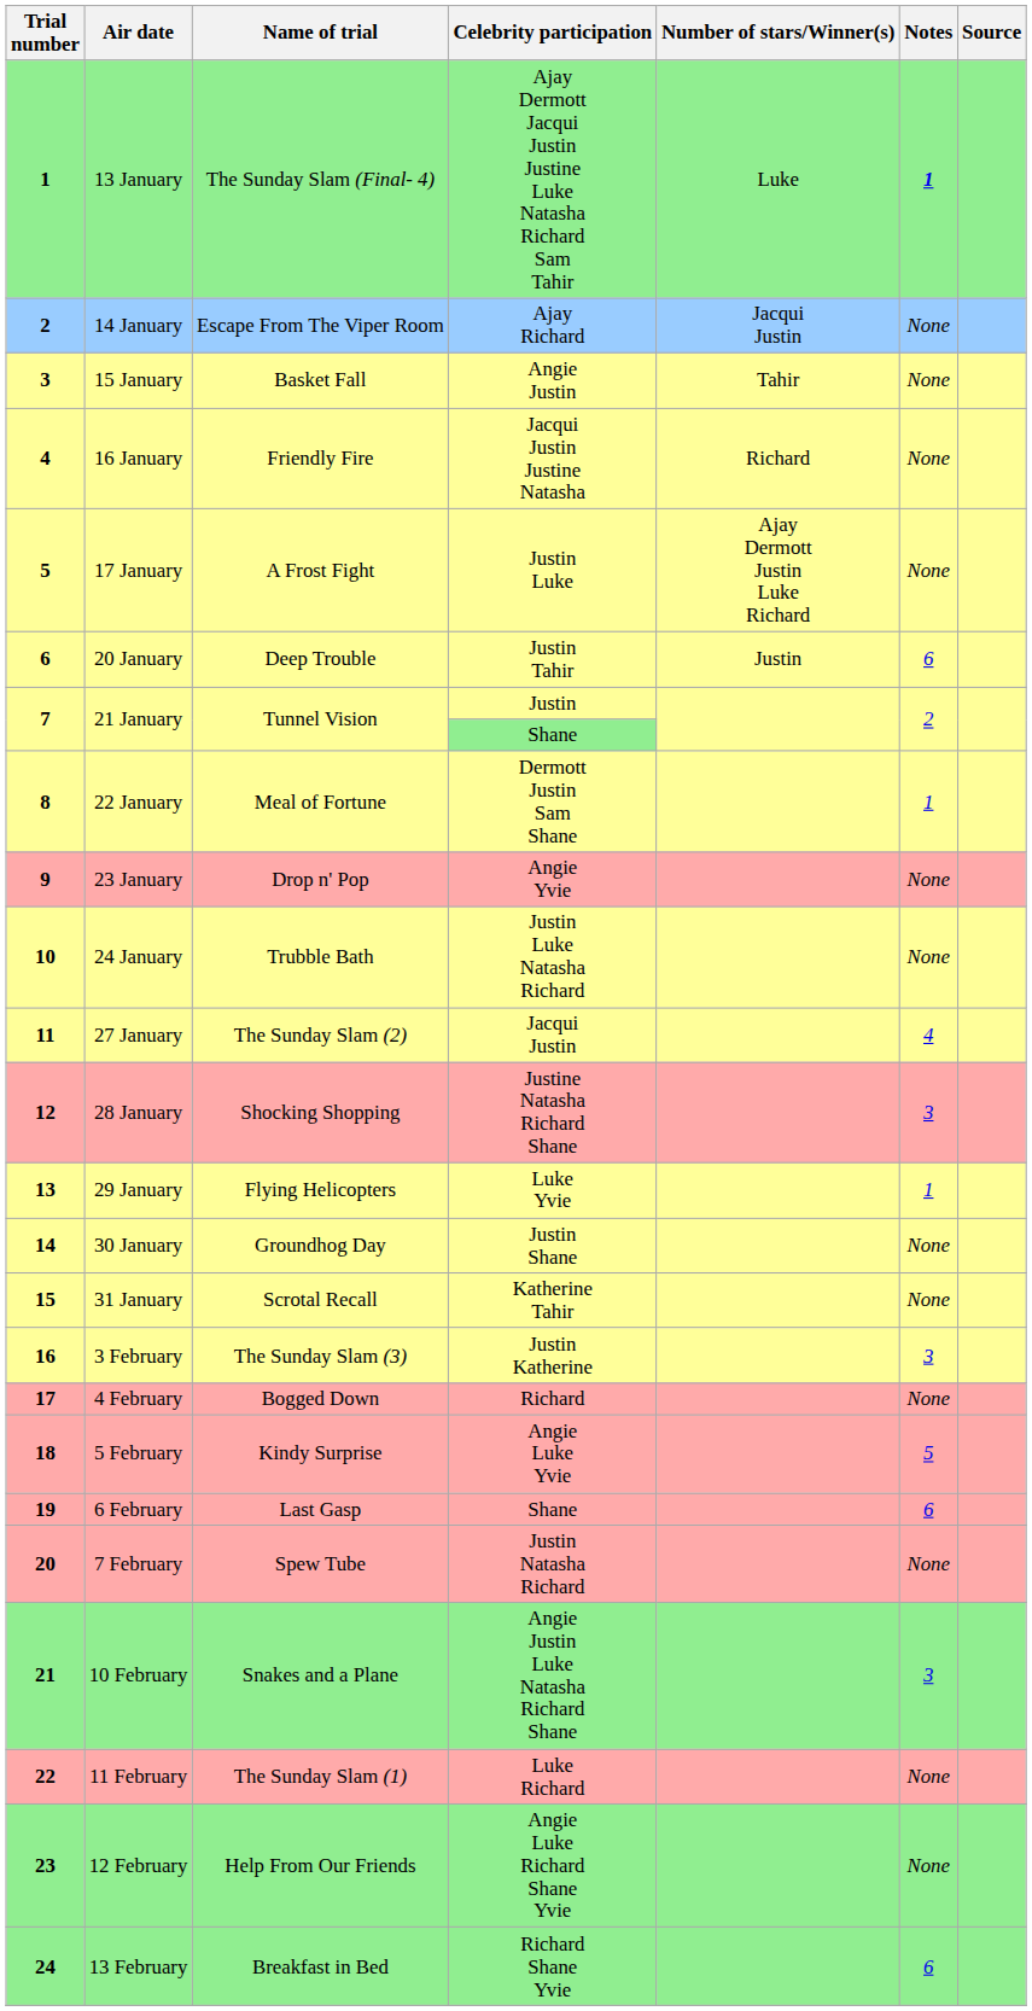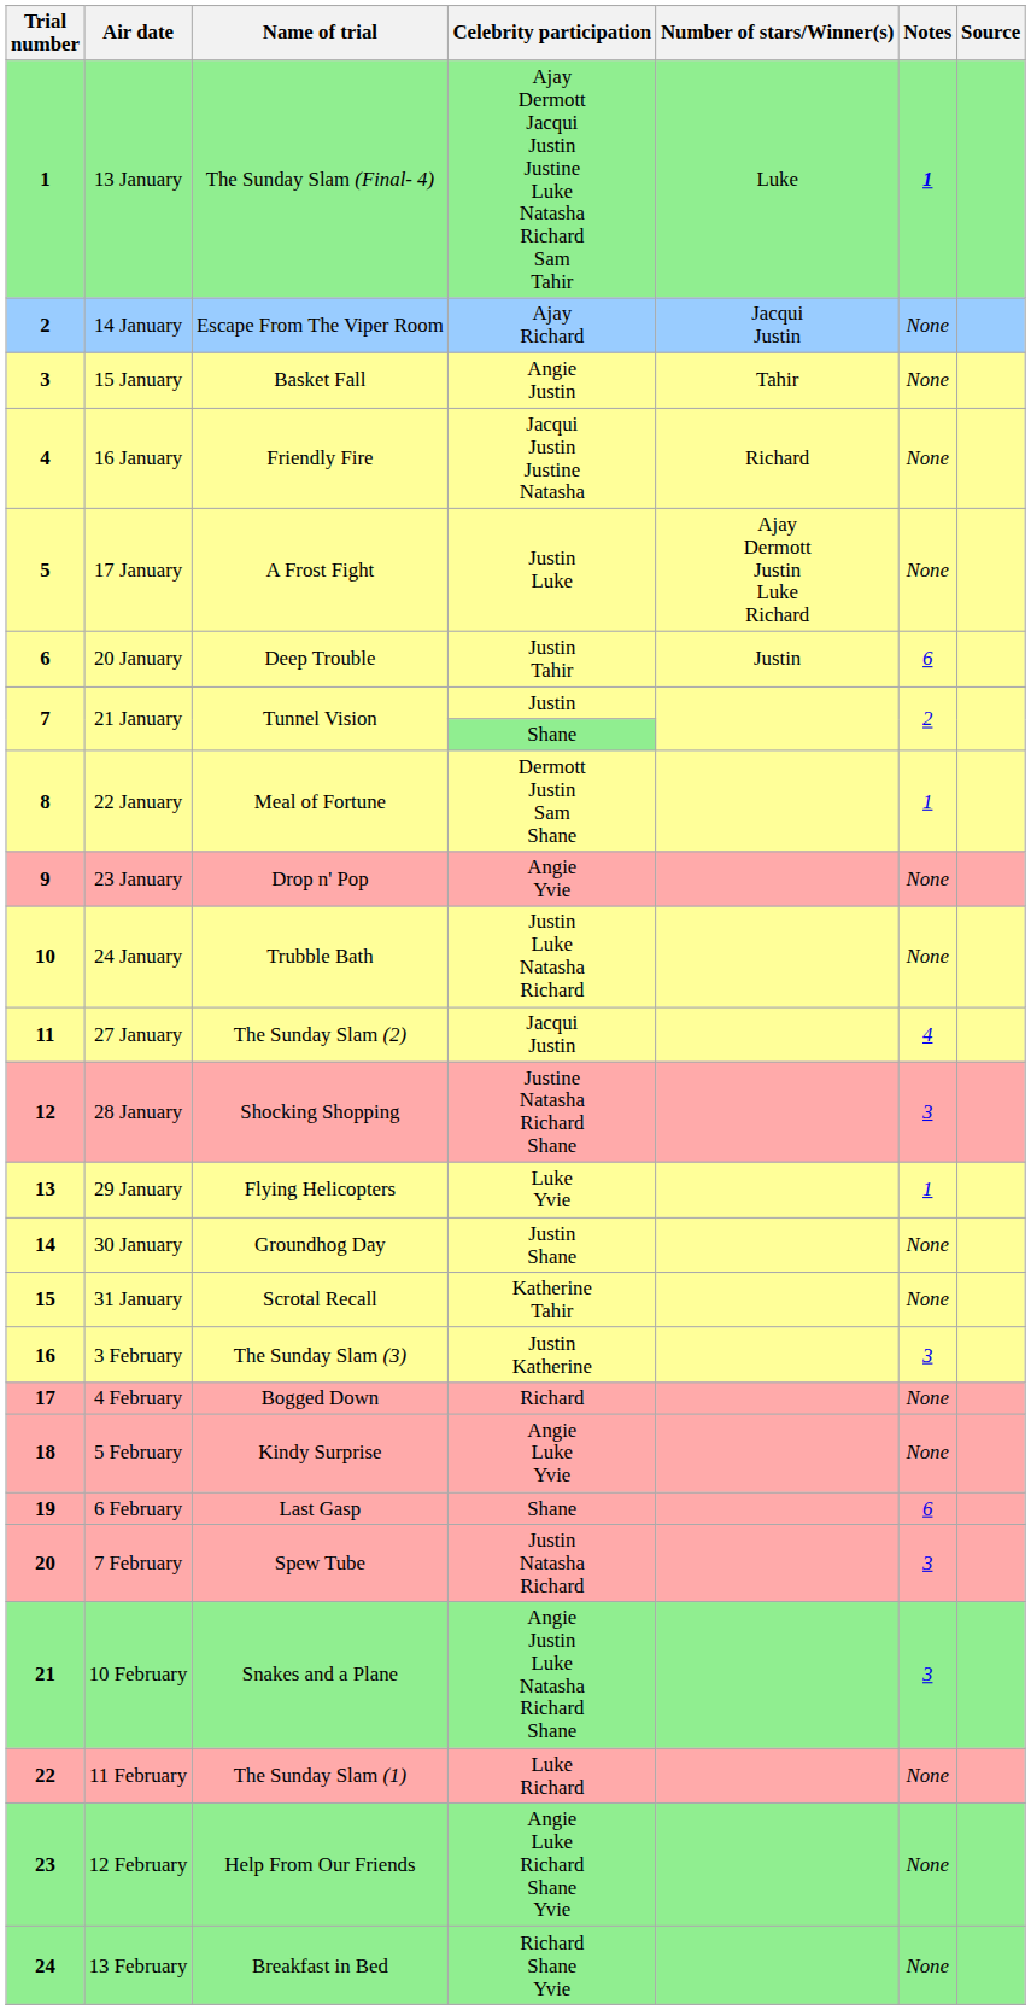 <table class="wikitable" style="margin:auto; text-align:center;">
 <tr>
 <th scope="col">Trial<br>number</th>
 <th scope="col">Air date</th>
 <th scope="col">Name of trial</th>
 <th scope="col">Celebrity participation</th>
 <th scope="col">Number of stars/Winner(s)</th>
 <th scope="col">Notes</th>
 <th scope="col">Source</th>
 </tr>
 <tr style="background:lightgreen">
 <td><strong>1</strong></td>
 <td>13 January</td>
 <td>The Sunday Slam <em>(Final- 4)</em></td>
 <td>Ajay<br>Dermott<br>Jacqui<br>Justin<br>Justine<br>Luke<br>Natasha<br>Richard<br>Sam<br>Tahir</td>
 <td>Luke</td>
 <td><strong><em><a href='#'>1</a></em></strong></td>
 <td></td>
 </tr>
 <tr style="background:#99CCFF">
 <td><strong>2</strong></td>
 <td>14 January</td>
 <td>Escape From The Viper Room</td>
 <td>Ajay<br>Richard</td>
 <td>Jacqui<br>Justin</td>
 <td><em>None</em></td>
 <td><br></td>
 </tr>
 <tr style="background:#FFFF99">
 <td><strong>3</strong></td>
 <td>15 January</td>
 <td>Basket Fall</td>
 <td>Angie<br>Justin</td>
 <td>Tahir</td>
 <td><em>None</em></td>
 <td></td>
 </tr>
 <tr style="background:#FFFF99">
 <td><strong>4</strong></td>
 <td>16 January</td>
 <td>Friendly Fire</td>
 <td>Jacqui<br>Justin<br>Justine<br>Natasha</td>
 <td>Richard</td>
 <td><em>None</em></td>
 <td></td>
 </tr>
 <tr style="background:#FFFF99">
 <td><strong>5</strong></td>
 <td>17 January</td>
 <td>A Frost Fight</td>
 <td>Justin<br>Luke</td>
 <td>Ajay<br>Dermott<br>Justin<br>Luke<br>Richard</td>
 <td><em>None</em></td>
 <td></td>
 </tr>
 <tr style="background:#FFFF99">
 <td><strong>6</strong></td>
 <td>20 January</td>
 <td>Deep Trouble</td>
 <td>Justin<br>Tahir</td>
 <td>Justin</td>
 <td><em><a href='#'>6</a></em></td>
 <td></td>
 </tr>
 <tr style=background:#FFFF99>
 <td rowspan="2"><strong>7</strong></td>
 <td rowspan="2">21 January</td>
 <td rowspan="2">Tunnel Vision</td>
 <td>Justin</td>
 <td rowspan="2"></td>
 <td rowspan="2"><em><a href='#'>2</a></em></td>
 <td rowspan="2"></td>
 </tr>
 <tr style=background:lightgreen>
 <td>Shane</td>
 </tr>
 <tr style="background:#FFFF99">
 <td><strong>8</strong></td>
 <td>22 January</td>
 <td>Meal of Fortune</td>
 <td>Dermott<br>Justin<br>Sam<br>Shane</td>
 <td></td>
 <td><em><a href='#'>1</a></em></td>
 <td></td>
 </tr>
 <tr style="background:#FFaaaa">
 <td><strong>9</strong></td>
 <td>23 January</td>
 <td>Drop n' Pop</td>
 <td>Angie<br>Yvie</td>
 <td></td>
 <td><em>None</em></td>
 <td></td>
 </tr>
 <tr style="background:#FFFF99">
 <td><strong>10</strong></td>
 <td>24 January</td>
 <td>Trubble Bath</td>
 <td>Justin<br>Luke<br>Natasha<br>Richard</td>
 <td></td>
 <td><em>None</em></td>
 <td></td>
 </tr>
 <tr style="background:#FFFF99">
 <td><strong>11</strong></td>
 <td>27 January</td>
 <td>The Sunday Slam <em>(2)</em></td>
 <td>Jacqui<br>Justin</td>
 <td></td>
 <td><em><a href='#'>4</a></em></td>
 <td></td>
 </tr>
 <tr style="background:#FFaaaa">
 <td><strong>12</strong></td>
 <td>28 January</td>
 <td>Shocking Shopping</td>
 <td>Justine<br>Natasha<br>Richard<br>Shane</td>
 <td></td>
 <td><em><a href='#'>3</a></em></td>
 <td></td>
 </tr>
 <tr style="background:#FFFF99">
 <td><strong>13</strong></td>
 <td>29 January</td>
 <td>Flying Helicopters</td>
 <td>Luke<br>Yvie</td>
 <td></td>
 <td><em><a href='#'>1</a></em></td>
 <td></td>
 </tr>
 <tr style="background:#FFFF99">
 <td><strong>14</strong></td>
 <td>30 January</td>
 <td>Groundhog Day</td>
 <td>Justin<br>Shane</td>
 <td></td>
 <td><em>None</em></td>
 <td></td>
 </tr>
 <tr style="background:#FFFF99">
 <td><strong>15</strong></td>
 <td>31 January</td>
 <td>Scrotal Recall</td>
 <td>Katherine<br>Tahir</td>
 <td></td>
 <td><em>None</em></td>
 <td></td>
 </tr>
 <tr style="background:#FFFF99">
 <td><strong>16</strong></td>
 <td>3 February</td>
 <td>The Sunday Slam <em>(3)</em></td>
 <td>Justin<br>Katherine</td>
 <td></td>
 <td><em><a href='#'>3</a></em></td>
 <td></td>
 </tr>
 <tr style="background:#ffaaaa">
 <td><strong>17</strong></td>
 <td>4 February</td>
 <td>Bogged Down</td>
 <td>Richard</td>
 <td></td>
 <td><em>None</em></td>
 <td></td>
 </tr>
 <tr style="background:#ffaaaa">
 <td><strong>18</strong></td>
 <td>5 February</td>
 <td>Kindy Surprise</td>
 <td>Angie<br>Luke<br>Yvie</td>
 <td></td>
-<td><em><a href='#'>5</a></em></td>
+<td><em>None</em></td>
 <td></td>
 </tr>
 <tr style="background:#ffaaaa">
 <td><strong>19</strong></td>
 <td>6 February</td>
 <td>Last Gasp</td>
 <td>Shane</td>
 <td></td>
 <td><em><a href='#'>6</a></em></td>
 <td></td>
 </tr>
 <tr style="background:#ffaaaa">
 <td><strong>20</strong></td>
 <td>7 February</td>
 <td>Spew Tube</td>
 <td>Justin<br>Natasha<br>Richard</td>
 <td></td>
-<td><em>None</em></td>
+<td><em><a href='#'>3</a></em></td>
 <td></td>
 </tr>
 <tr style="background:lightgreen">
 <td><strong>21</strong></td>
 <td>10 February</td>
 <td>Snakes and a Plane</td>
 <td>Angie<br>Justin<br>Luke<br>Natasha<br>Richard<br>Shane</td>
 <td></td>
 <td><em><a href='#'>3</a></em></td>
 <td></td>
 </tr>
 <tr style="background:#ffaaaa">
 <td><strong>22</strong></td>
 <td>11 February</td>
 <td>The Sunday Slam <em>(1)</em></td>
 <td>Luke<br>Richard</td>
 <td></td>
 <td><em>None</em></td>
 <td></td>
 </tr>
 <tr style="background:lightgreen">
 <td><strong>23</strong></td>
 <td>12 February</td>
 <td>Help From Our Friends</td>
 <td>Angie<br>Luke<br>Richard<br>Shane<br>Yvie</td>
 <td></td>
 <td><em>None</em></td>
 <td></td>
 </tr>
 <tr style="background:lightgreen">
 <td><strong>24</strong></td>
 <td>13 February</td>
 <td>Breakfast in Bed</td>
 <td>Richard<br>Shane<br>Yvie</td>
 <td><big></big></td>
-<td><em><a href='#'>6</a></em></td>
+<td><em>None</em></td>
 <td></td>
 </tr>
 <tr>
 </tr>
 </table>
